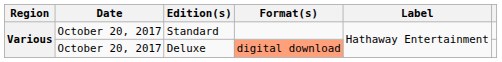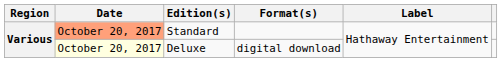 <table class="wikitable plainrowheaders">
 <tr>
 <th scope="col">Region</th>
 <th scope="col">Date</th>
 <th scope="col">Edition(s)</th>
 <th scope="col">Format(s)</th>
 <th scope="col">Label</th>
 <th scope="col"></th>
 </tr>
 <tr>
 <th scope="row" rowspan="2">Various</th>
-<td>October 20, 2017</td>
+<td style="background: lightsalmon;">October 20, 2017</td>
 <td>Standard</td>
 <td></td>
 <td rowspan="2">Hathaway Entertainment</td>
 <td align="center"></td>
 </tr>
 <tr>
-<td>October 20, 2017</td>
+<td style="background: lightyellow;">October 20, 2017</td>
 <td>Deluxe</td>
-<td style="background: lightsalmon;">digital download</td>
+<td>digital download</td>
 <td align="center"></td>
 </tr>
 </table>
